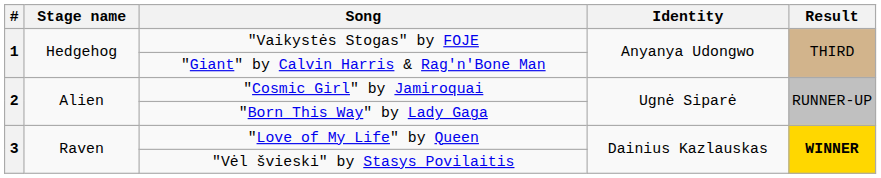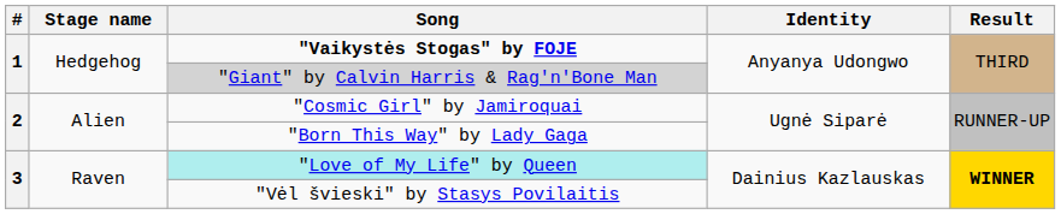 <table class="wikitable plainrowheaders" style="text-align: center;">
 <tr>
 <th>#</th>
 <th>Stage name</th>
 <th>Song</th>
 <th>Identity</th>
 <th>Result</th>
 </tr>
 <tr>
 <th rowspan="2">1</th>
 <td rowspan="2">Hedgehog</td>
-<td>"Vaikystės Stogas" by <a href='#'>FOJE</a></td>
+<td><strong>"Vaikystės Stogas" by <a href='#'>FOJE</a></strong></td>
 <td rowspan="2">Anyanya Udongwo</td>
 <td rowspan="2" style="width:10%;background:tan;">THIRD</td>
 </tr>
 <tr>
-<td>"<a href='#'>Giant</a>" by <a href='#'>Calvin Harris</a> & <a href='#'>Rag'n'Bone Man</a></td>
+<td style="background: lightgrey;">"<a href='#'>Giant</a>" by <a href='#'>Calvin Harris</a> & <a href='#'>Rag'n'Bone Man</a></td>
 </tr>
 <tr>
 <th rowspan="2">2</th>
 <td rowspan="2">Alien</td>
 <td>"<a href='#'>Cosmic Girl</a>" by <a href='#'>Jamiroquai</a></td>
 <td rowspan="2">Ugnė Siparė</td>
 <td rowspan="2" bgcolor=silver>RUNNER-UP</td>
 </tr>
 <tr>
 <td>"<a href='#'>Born This Way</a>" by <a href='#'>Lady Gaga</a></td>
 </tr>
 <tr>
 <th rowspan="2">3</th>
 <td rowspan="2">Raven</td>
-<td>"<a href='#'>Love of My Life</a>" by <a href='#'>Queen</a></td>
+<td style="background: paleturquoise;">"<a href='#'>Love of My Life</a>" by <a href='#'>Queen</a></td>
 <td rowspan="2">Dainius Kazlauskas</td>
 <td rowspan="2" bgcolor=gold><strong>WINNER</strong></td>
 </tr>
 <tr>
 <td>"Vėl švieski" by <a href='#'>Stasys Povilaitis</a></td>
 </tr>
 </table>
